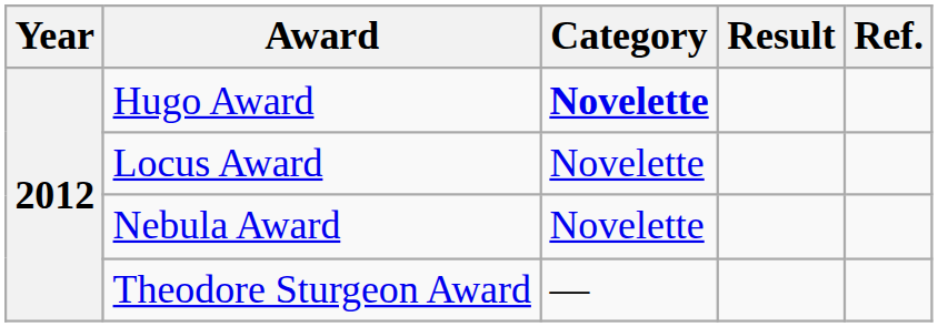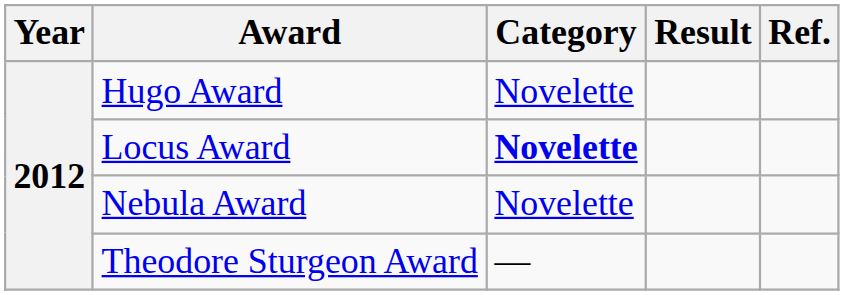 <table class="wikitable sortable">
 <tr>
 <th>Year</th>
 <th>Award</th>
 <th>Category</th>
 <th>Result</th>
 <th>Ref.</th>
 </tr>
 <tr>
 <th rowspan="4">2012</th>
 <td><a href='#'>Hugo Award</a></td>
-<td><strong><a href='#'>Novelette</a></strong></td>
+<td><a href='#'>Novelette</a></td>
 <td></td>
 <td></td>
 </tr>
 <tr>
 <td><a href='#'>Locus Award</a></td>
-<td><a href='#'>Novelette</a></td>
+<td><strong><a href='#'>Novelette</a></strong></td>
 <td></td>
 <td></td>
 </tr>
 <tr>
 <td><a href='#'>Nebula Award</a></td>
 <td><a href='#'>Novelette</a></td>
 <td></td>
 <td></td>
 </tr>
 <tr>
 <td><a href='#'>Theodore Sturgeon Award</a></td>
 <td>—</td>
 <td></td>
 <td></td>
 </tr>
 </table>
